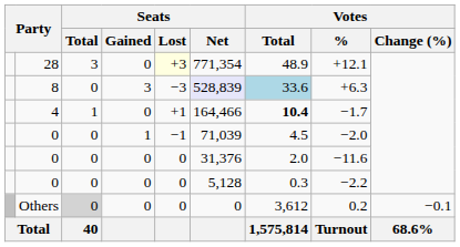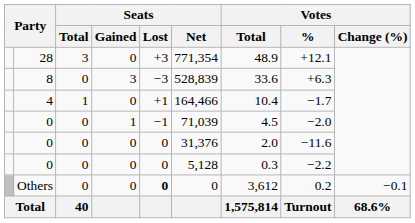 <table class="wikitable" style="text-align:right;">
 <tr>
 <th colspan="2" rowspan="2">Party</th>
 <th colspan="4">Seats</th>
 <th colspan="3">Votes</th>
 </tr>
 <tr>
 <th>Total</th>
 <th>Gained</th>
 <th>Lost</th>
 <th>Net</th>
 <th>Total</th>
 <th>%</th>
 <th>Change (%)</th>
 </tr>
 <tr>
 <td></td>
 <td>28</td>
 <td>3</td>
 <td>0</td>
-<td style="background: lightyellow;">+3</td>
+<td>+3</td>
 <td>771,354</td>
 <td>48.9</td>
 <td>+12.1</td>
 </tr>
 <tr>
 <td></td>
 <td>8</td>
 <td>0</td>
 <td>3</td>
 <td>−3</td>
-<td style="background: lavender;">528,839</td>
-<td style="background: lightblue;">33.6</td>
+<td>528,839</td>
+<td>33.6</td>
 <td>+6.3</td>
 </tr>
 <tr>
 <td></td>
 <td>4</td>
 <td>1</td>
 <td>0</td>
 <td>+1</td>
 <td>164,466</td>
-<td><strong>10.4</strong></td>
+<td>10.4</td>
 <td>−1.7</td>
 </tr>
 <tr>
 <td></td>
 <td>0</td>
 <td>0</td>
 <td>1</td>
 <td>−1</td>
 <td>71,039</td>
 <td>4.5</td>
 <td>−2.0</td>
 </tr>
 <tr>
 <td></td>
 <td>0</td>
 <td>0</td>
 <td>0</td>
 <td>0</td>
 <td>31,376</td>
 <td>2.0</td>
 <td>−11.6</td>
 </tr>
 <tr>
 <td></td>
 <td>0</td>
 <td>0</td>
 <td>0</td>
 <td>0</td>
 <td>5,128</td>
 <td>0.3</td>
 <td>−2.2</td>
 </tr>
 <tr>
 <td style="background:silver;"> </td>
 <td align=left>Others</td>
-<td style="background: lightgrey;">0</td>
 <td>0</td>
 <td>0</td>
+<td><strong>0</strong></td>
 <td>0</td>
 <td>3,612</td>
 <td>0.2</td>
 <td>−0.1</td>
 </tr>
 <tr>
 <th colspan="2">Total</th>
 <th style="text-align: right;">40</th>
 <th style="text-align: right;"></th>
 <th style="text-align: right;"></th>
 <th></th>
 <th>1,575,814</th>
 <th>Turnout</th>
 <th>68.6%</th>
 </tr>
 </table>
